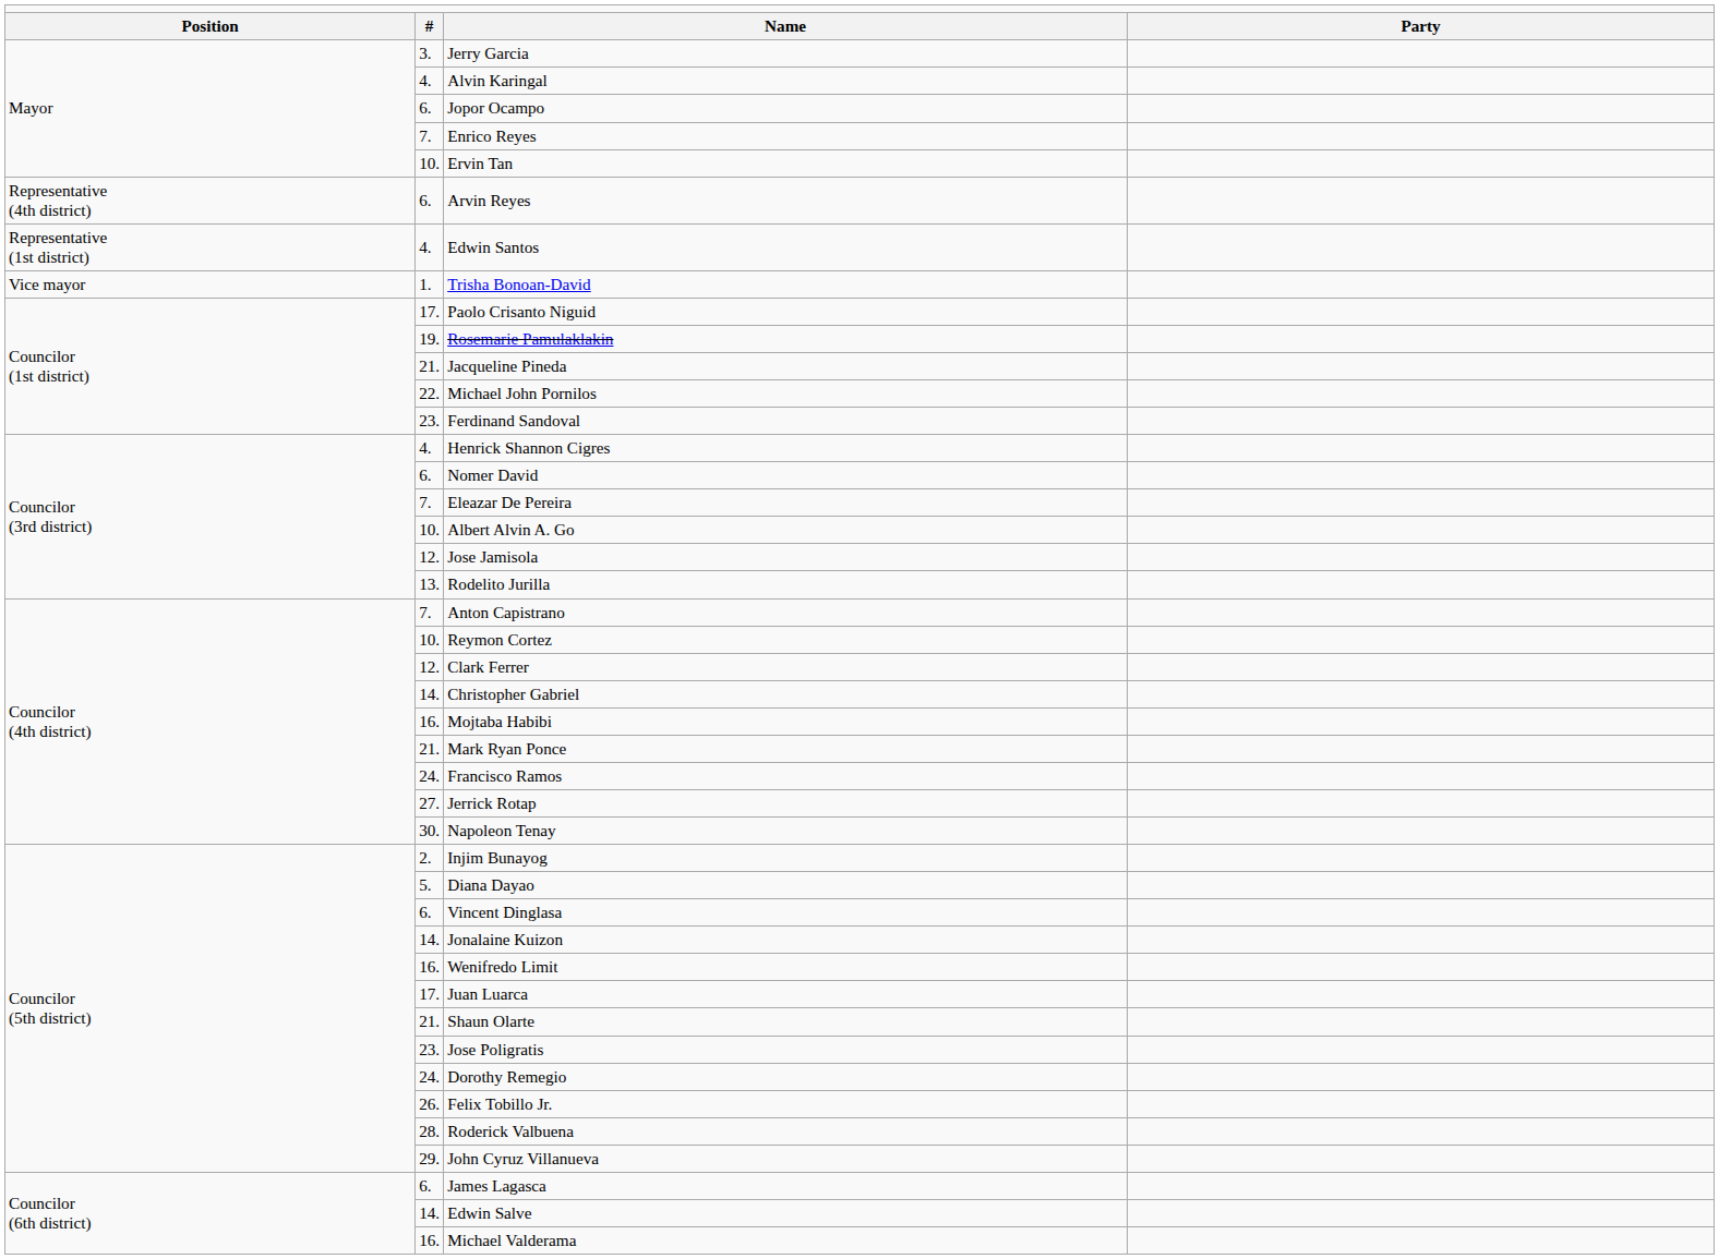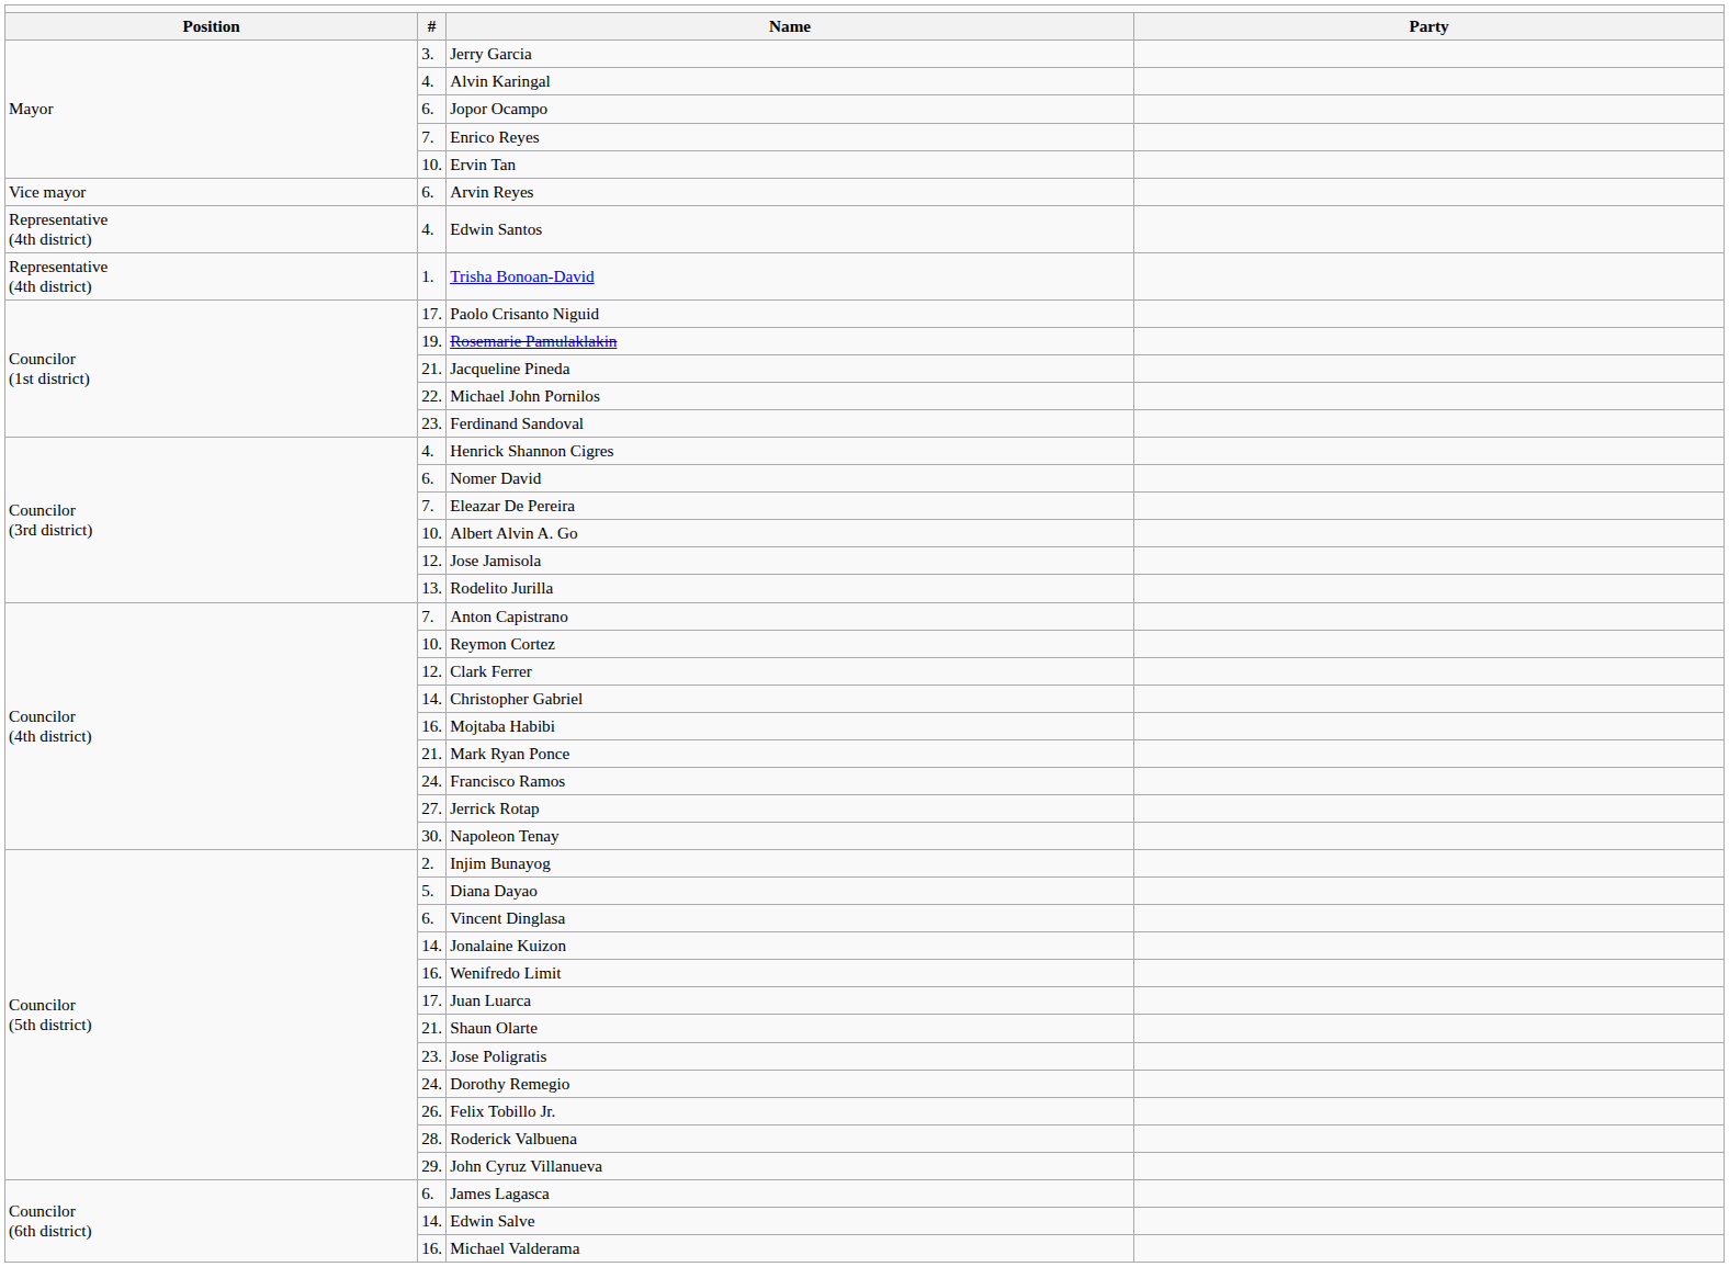 <table class=wikitable style="font-size:95%" width=99%>
 <tr>
 <td colspan="5"></td>
 </tr>
 <tr>
 <th width=24%>Position</th>
 <th width=1%>#</th>
 <th width=40%>Name</th>
 <th colspan=2>Party</th>
 </tr>
 <tr>
 <td rowspan="5">Mayor</td>
 <td>3.</td>
 <td>Jerry Garcia</td>
 <td></td>
 </tr>
 <tr>
 <td>4.</td>
 <td>Alvin Karingal</td>
 <td></td>
 </tr>
 <tr>
 <td>6.</td>
 <td>Jopor Ocampo</td>
 <td></td>
 </tr>
 <tr>
 <td>7.</td>
 <td>Enrico Reyes</td>
 <td></td>
 </tr>
 <tr>
 <td>10.</td>
 <td>Ervin Tan</td>
 <td></td>
 </tr>
 <tr>
-<td>Representative<br>(4th district)</td>
+<td>Vice mayor</td>
 <td>6.</td>
 <td>Arvin Reyes</td>
 <td></td>
 </tr>
 <tr>
-<td>Representative<br>(1st district)</td>
+<td>Representative<br>(4th district)</td>
 <td>4.</td>
 <td>Edwin Santos</td>
 <td></td>
 </tr>
 <tr>
-<td>Vice mayor</td>
+<td>Representative<br>(4th district)</td>
 <td>1.</td>
 <td><a href='#'>Trisha Bonoan-David</a></td>
 <td></td>
 </tr>
 <tr>
 <td rowspan="5">Councilor<br>(1st district)</td>
 <td>17.</td>
 <td>Paolo Crisanto Niguid</td>
 <td></td>
 </tr>
 <tr>
 <td>19.</td>
 <td><s><a href='#'>Rosemarie Pamulaklakin</a></s></td>
 <td></td>
 </tr>
 <tr>
 <td>21.</td>
 <td>Jacqueline Pineda</td>
 <td></td>
 </tr>
 <tr>
 <td>22.</td>
 <td>Michael John Pornilos</td>
 <td></td>
 </tr>
 <tr>
 <td>23.</td>
 <td>Ferdinand Sandoval</td>
 <td></td>
 </tr>
 <tr>
 <td rowspan="6">Councilor<br>(3rd district)</td>
 <td>4.</td>
 <td>Henrick Shannon Cigres</td>
 <td></td>
 </tr>
 <tr>
 <td>6.</td>
 <td>Nomer David</td>
 <td></td>
 </tr>
 <tr>
 <td>7.</td>
 <td>Eleazar De Pereira</td>
 <td></td>
 </tr>
 <tr>
 <td>10.</td>
 <td>Albert Alvin A. Go</td>
 <td></td>
 </tr>
 <tr>
 <td>12.</td>
 <td>Jose Jamisola</td>
 <td></td>
 </tr>
 <tr>
 <td>13.</td>
 <td>Rodelito Jurilla</td>
 <td></td>
 </tr>
 <tr>
 <td rowspan="10">Councilor<br>(4th district)</td>
 </tr>
 <tr>
 <td>7.</td>
 <td>Anton Capistrano</td>
 <td></td>
 </tr>
 <tr>
 <td>10.</td>
 <td>Reymon Cortez</td>
 <td></td>
 </tr>
 <tr>
 <td>12.</td>
 <td>Clark Ferrer</td>
 <td></td>
 </tr>
 <tr>
 <td>14.</td>
 <td>Christopher Gabriel</td>
 <td></td>
 </tr>
 <tr>
 <td>16.</td>
 <td>Mojtaba Habibi</td>
 <td></td>
 </tr>
 <tr>
 <td>21.</td>
 <td>Mark Ryan Ponce</td>
 <td></td>
 </tr>
 <tr>
 <td>24.</td>
 <td>Francisco Ramos</td>
 <td></td>
 </tr>
 <tr>
 <td>27.</td>
 <td>Jerrick Rotap</td>
 <td></td>
 </tr>
 <tr>
 <td>30.</td>
 <td>Napoleon Tenay</td>
 <td></td>
 </tr>
 <tr>
 <td rowspan="12">Councilor<br>(5th district)</td>
 <td>2.</td>
 <td>Injim Bunayog</td>
 <td></td>
 </tr>
 <tr>
 <td>5.</td>
 <td>Diana Dayao</td>
 <td></td>
 </tr>
 <tr>
 <td>6.</td>
 <td>Vincent Dinglasa</td>
 <td></td>
 </tr>
 <tr>
 <td>14.</td>
 <td>Jonalaine Kuizon</td>
 <td></td>
 </tr>
 <tr>
 <td>16.</td>
 <td>Wenifredo Limit</td>
 <td></td>
 </tr>
 <tr>
 <td>17.</td>
 <td>Juan Luarca</td>
 <td></td>
 </tr>
 <tr>
 <td>21.</td>
 <td>Shaun Olarte</td>
 <td></td>
 </tr>
 <tr>
 <td>23.</td>
 <td>Jose Poligratis</td>
 <td></td>
 </tr>
 <tr>
 <td>24.</td>
 <td>Dorothy Remegio</td>
 <td></td>
 </tr>
 <tr>
 <td>26.</td>
 <td>Felix Tobillo Jr.</td>
 <td></td>
 </tr>
 <tr>
 <td>28.</td>
 <td>Roderick Valbuena</td>
 <td></td>
 </tr>
 <tr>
 <td>29.</td>
 <td>John Cyruz Villanueva</td>
 <td></td>
 </tr>
 <tr>
 <td rowspan="3">Councilor<br>(6th district)</td>
 <td>6.</td>
 <td>James Lagasca</td>
 <td></td>
 </tr>
 <tr>
 <td>14.</td>
 <td>Edwin Salve</td>
 <td></td>
 </tr>
 <tr>
 <td>16.</td>
 <td>Michael Valderama</td>
 <td></td>
 </tr>
 </table>
